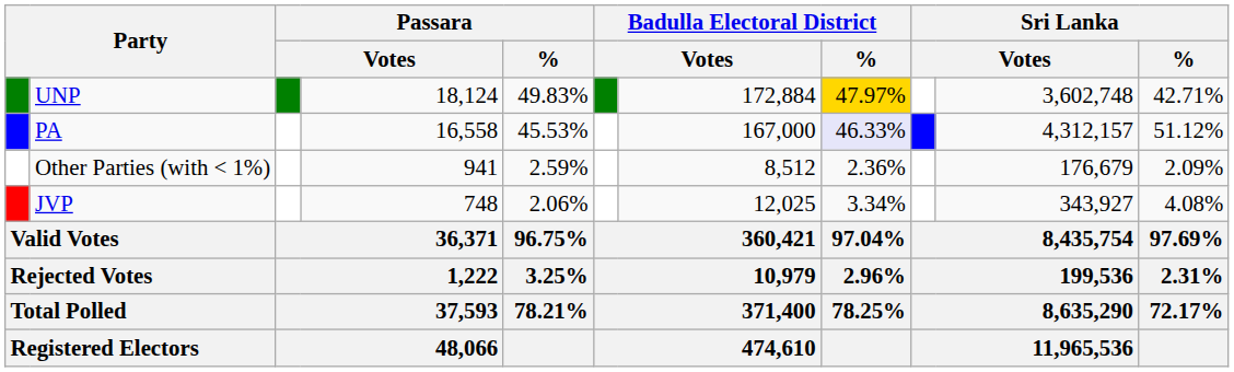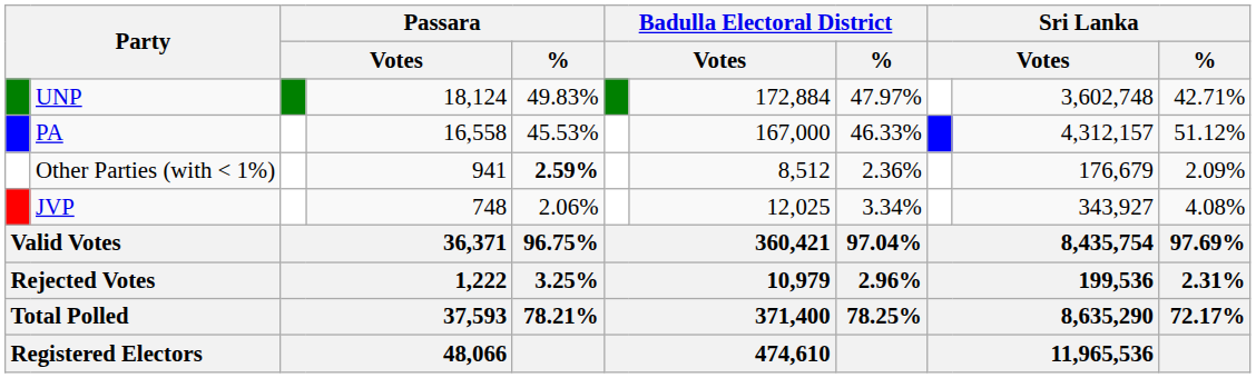 <table class="wikitable">
 <tr>
 <th colspan="2" width="144px"rowspan="2">Party</th>
 <th colspan="3" width="216px">Passara</th>
 <th colspan="3" width="216px"><a href='#'>Badulla Electoral District</a></th>
 <th colspan="3" width="216px">Sri Lanka</th>
 </tr>
 <tr>
 <th colspan="2" width="144px">Votes</th>
 <th>%</th>
 <th colspan="2" width="144px">Votes</th>
 <th>%</th>
 <th colspan="2" width="144px">Votes</th>
 <th>%</th>
 </tr>
 <tr>
 <td style="background-color:green;" width="10px"></td>
 <td style="text-align:left;"><a href='#'>UNP</a></td>
 <td style="background-color:green;" width="10px"></td>
 <td style="text-align:right;">18,124</td>
 <td style="text-align:right;">49.83%</td>
 <td style="background-color:green;" width="10px"></td>
 <td style="text-align:right;">172,884</td>
-<td style="background: gold; text-align:right;">47.97%</td>
+<td style="text-align:right;">47.97%</td>
 <td style="background-color:white;" width="10px"></td>
 <td style="text-align:right;">3,602,748</td>
 <td style="text-align:right;">42.71%</td>
 </tr>
 <tr>
 <td style="background-color:blue;" width="10px"></td>
 <td style="text-align:left;"><a href='#'>PA</a></td>
 <td style="background-color:white;" width="10px"></td>
 <td style="text-align:right;">16,558</td>
 <td style="text-align:right;">45.53%</td>
 <td style="background-color:white;" width="10px"></td>
 <td style="text-align:right;">167,000</td>
-<td style="background: lavender; text-align:right;">46.33%</td>
+<td style="text-align:right;">46.33%</td>
 <td style="background-color:blue;" width="10px"></td>
 <td style="text-align:right;">4,312,157</td>
 <td style="text-align:right;">51.12%</td>
 </tr>
 <tr>
 <td style="background-color:white;" width="10px"></td>
 <td style="text-align:left;">Other Parties (with < 1%)</td>
 <td style="background-color:white;" width="10px"></td>
 <td style="text-align:right;">941</td>
-<td style="text-align:right;">2.59%</td>
+<td style="text-align:right;"><strong>2.59%</strong></td>
 <td style="background-color:white;" width="10px"></td>
 <td style="text-align:right;">8,512</td>
 <td style="text-align:right;">2.36%</td>
 <td style="background-color:white;" width="10px"></td>
 <td style="text-align:right;">176,679</td>
 <td style="text-align:right;">2.09%</td>
 </tr>
 <tr>
 <td style="background-color:red;" width="10px"></td>
 <td style="text-align:left;"><a href='#'>JVP</a></td>
 <td style="background-color:white;" width="10px"></td>
 <td style="text-align:right;">748</td>
 <td style="text-align:right;">2.06%</td>
 <td style="background-color:white;" width="10px"></td>
 <td style="text-align:right;">12,025</td>
 <td style="text-align:right;">3.34%</td>
 <td style="background-color:white;" width="10px"></td>
 <td style="text-align:right;">343,927</td>
 <td style="text-align:right;">4.08%</td>
 </tr>
 <tr>
 <th colspan="2" width="144px"style="text-align:left;">Valid Votes</th>
 <th style="text-align:right;"colspan="2" width="144px">36,371</th>
 <th style="text-align:right;">96.75%</th>
 <th style="text-align:right;"colspan="2" width="144px">360,421</th>
 <th style="text-align:right;">97.04%</th>
 <th style="text-align:right;"colspan="2" width="144px">8,435,754</th>
 <th style="text-align:right;">97.69%</th>
 </tr>
 <tr>
 <th colspan="2" width="144px"style="text-align:left;">Rejected Votes</th>
 <th style="text-align:right;"colspan="2" width="144px">1,222</th>
 <th style="text-align:right;">3.25%</th>
 <th style="text-align:right;"colspan="2" width="144px">10,979</th>
 <th style="text-align:right;">2.96%</th>
 <th style="text-align:right;"colspan="2" width="144px">199,536</th>
 <th style="text-align:right;">2.31%</th>
 </tr>
 <tr>
 <th colspan="2" width="144px"style="text-align:left;">Total Polled</th>
 <th style="text-align:right;"colspan="2" width="144px">37,593</th>
 <th style="text-align:right;">78.21%</th>
 <th style="text-align:right;"colspan="2" width="144px">371,400</th>
 <th style="text-align:right;">78.25%</th>
 <th style="text-align:right;"colspan="2" width="144px">8,635,290</th>
 <th style="text-align:right;">72.17%</th>
 </tr>
 <tr>
 <th colspan="2" width="144px"style="text-align:left;">Registered Electors</th>
 <th style="text-align:right;"colspan="2" width="144px">48,066</th>
 <th></th>
 <th style="text-align:right;"colspan="2" width="144px">474,610</th>
 <th></th>
 <th style="text-align:right;"colspan="2" width="144px">11,965,536</th>
 <th></th>
 </tr>
 </table>
